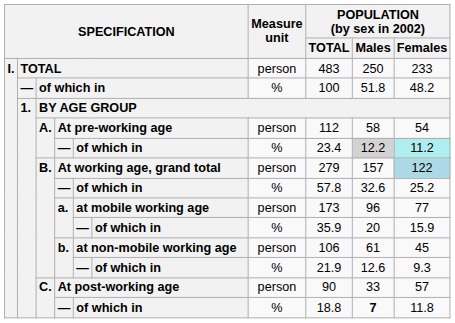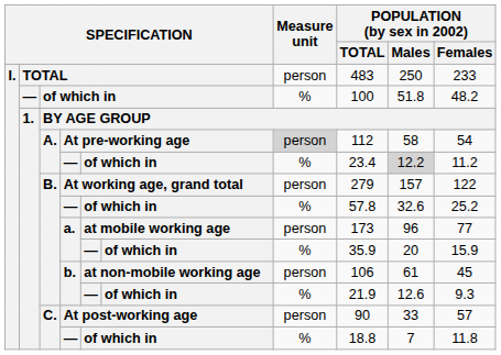 <table class="wikitable" style="font-size:85%; text-align:center">
 <tr>
 <th rowspan="2" colspan="6">SPECIFICATION</th>
 <th rowspan="2">Measure<br> unit</th>
 <th colspan="3" rowspan="1">POPULATION<br> (by sex in 2002)</th>
 </tr>
 <tr>
 <th>TOTAL</th>
 <th>Males</th>
 <th>Females</th>
 </tr>
 <tr>
 <th style="text-align:left" valign="top" rowspan="13">I.</th>
 <th style="text-align:left" colspan="5">TOTAL</th>
 <td>person</td>
 <td>483</td>
 <td>250</td>
 <td>233</td>
 </tr>
 <tr>
 <th style="text-align:left" valign="top">—</th>
 <th style="text-align:left" colspan="4">of which in</th>
 <td>%</td>
 <td>100</td>
 <td>51.8</td>
 <td>48.2</td>
 </tr>
 <tr>
 <th style="text-align:left" valign="top" rowspan="11">1.</th>
 <th style="text-align:left" colspan="19">BY AGE GROUP</th>
 </tr>
 <tr>
 <th style="text-align:left" valign="top" rowspan="2">A.</th>
 <th style="text-align:left" colspan="3">At pre-working age</th>
-<td>person</td>
+<td style="background: lightgrey;">person</td>
 <td>112</td>
 <td>58</td>
 <td>54</td>
 </tr>
 <tr>
 <th style="text-align:left" valign="top">—</th>
 <th style="text-align:left" valign="top" colspan="2">of which in</th>
 <td>%</td>
 <td>23.4</td>
 <td style="background: lightgrey;">12.2</td>
-<td style="background: paleturquoise;">11.2</td>
+<td>11.2</td>
 </tr>
 <tr>
 <th style="text-align:left" valign="top" rowspan="6">B.</th>
 <th style="text-align:left" colspan="3">At working age, grand total</th>
 <td>person</td>
 <td>279</td>
 <td>157</td>
-<td style="background: lightblue;">122</td>
+<td>122</td>
 </tr>
 <tr>
 <th style="text-align:left" valign="top">—</th>
 <th style="text-align:left" valign="top" colspan="2">of which in</th>
 <td>%</td>
 <td>57.8</td>
 <td>32.6</td>
 <td>25.2</td>
 </tr>
 <tr>
 <th style="text-align:left" valign="top" rowspan="2">a.</th>
 <th style="text-align:left" colspan="2">at mobile working age</th>
 <td>person</td>
 <td>173</td>
 <td>96</td>
 <td>77</td>
 </tr>
 <tr>
 <th style="text-align:left" valign="top">—</th>
 <th style="text-align:left" valign="top" colspan="1">of which in                        </th>
 <td>%</td>
 <td>35.9</td>
 <td>20</td>
 <td>15.9</td>
 </tr>
 <tr>
 <th style="text-align:left" valign="top" rowspan="2">b.</th>
 <th style="text-align:left" colspan="2">at non-mobile working age</th>
 <td>person</td>
 <td>106</td>
 <td>61</td>
 <td>45</td>
 </tr>
 <tr>
 <th style="text-align:left" valign="top">—</th>
 <th style="text-align:left" valign="top" colspan="1">of which in                        </th>
 <td>%</td>
 <td>21.9</td>
 <td>12.6</td>
 <td>9.3</td>
 </tr>
 <tr>
 <th style="text-align:left" valign="top" rowspan="2">C.</th>
 <th style="text-align:left" colspan="3">At post-working age</th>
 <td>person</td>
 <td>90</td>
 <td>33</td>
 <td>57</td>
 </tr>
 <tr>
 <th style="text-align:left" valign="top">—</th>
 <th style="text-align:left" valign="top" colspan="2">of which in</th>
 <td>%</td>
 <td>18.8</td>
-<td><strong>7</strong></td>
+<td>7</td>
 <td>11.8</td>
 </tr>
 </table>
